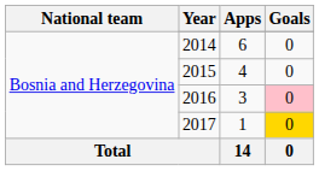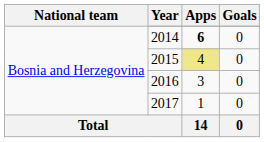 <table class="wikitable" style="text-align:center">
 <tr>
 <th>National team</th>
 <th>Year</th>
 <th>Apps</th>
 <th>Goals</th>
 </tr>
 <tr>
 <td rowspan=5><a href='#'>Bosnia and Herzegovina</a></td>
 </tr>
 <tr>
 <td>2014</td>
-<td>6</td>
+<td><strong>6</strong></td>
 <td>0</td>
 </tr>
 <tr>
 <td>2015</td>
-<td>4</td>
+<td style="background: khaki;">4</td>
 <td>0</td>
 </tr>
 <tr>
 <td>2016</td>
 <td>3</td>
-<td style="background: pink;">0</td>
+<td>0</td>
 </tr>
 <tr>
 <td>2017</td>
 <td>1</td>
-<td style="background: gold;">0</td>
+<td>0</td>
 </tr>
 <tr>
 <th colspan=2>Total</th>
 <th>14</th>
 <th>0</th>
 </tr>
 </table>
